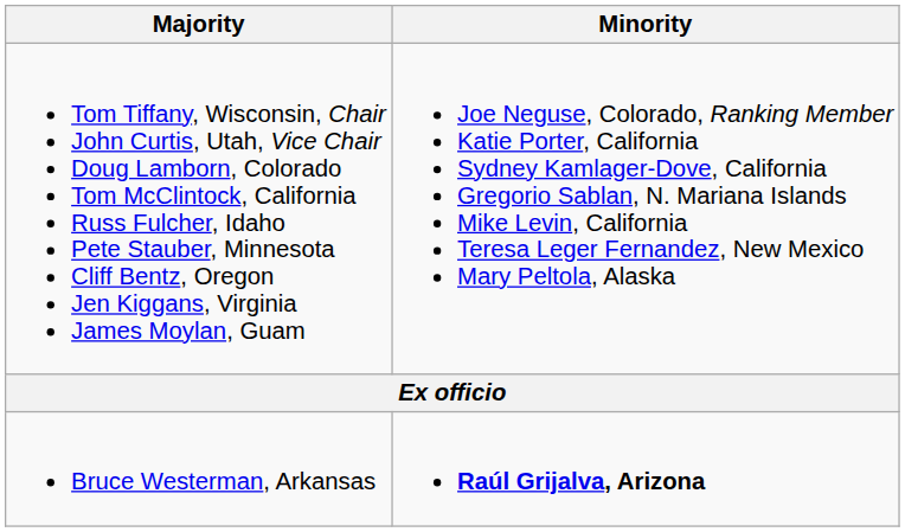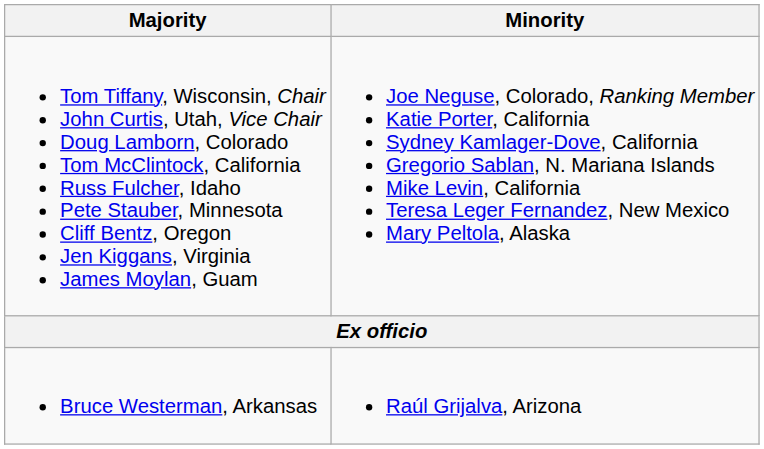 <table class=wikitable>
 <tr>
 <th>Majority</th>
 <th>Minority</th>
 </tr>
 <tr valign=top>
 <td><br><ul><li><a href='#'>Tom Tiffany</a>, Wisconsin, <em>Chair</em></li><li><a href='#'>John Curtis</a>, Utah, <em>Vice Chair</em></li><li><a href='#'>Doug Lamborn</a>, Colorado</li><li><a href='#'>Tom McClintock</a>, California</li><li><a href='#'>Russ Fulcher</a>, Idaho</li><li><a href='#'>Pete Stauber</a>, Minnesota</li><li><a href='#'>Cliff Bentz</a>, Oregon</li><li><a href='#'>Jen Kiggans</a>, Virginia</li><li><a href='#'>James Moylan</a>, Guam</li></ul></td>
 <td><br><ul><li><a href='#'>Joe Neguse</a>, Colorado, <em>Ranking Member</em></li><li><a href='#'>Katie Porter</a>, California</li><li><a href='#'>Sydney Kamlager-Dove</a>, California</li><li><a href='#'>Gregorio Sablan</a>, N. Mariana Islands</li><li><a href='#'>Mike Levin</a>, California</li><li><a href='#'>Teresa Leger Fernandez</a>, New Mexico</li><li><a href='#'>Mary Peltola</a>, Alaska</li></ul></td>
 </tr>
 <tr>
 <th colspan=2><em>Ex officio</em></th>
 </tr>
 <tr>
 <td><br><ul><li><a href='#'>Bruce Westerman</a>, Arkansas</li></ul></td>
-<td><strong><br><ul><li><a href='#'>Raúl Grijalva</a>, Arizona</li></ul></strong></td>
+<td><br><ul><li><a href='#'>Raúl Grijalva</a>, Arizona</li></ul></td>
 </tr>
 </table>
